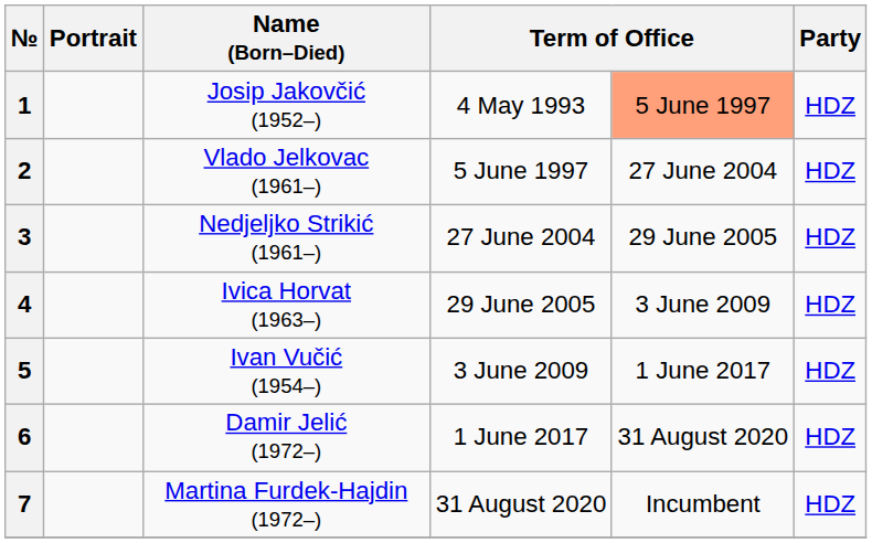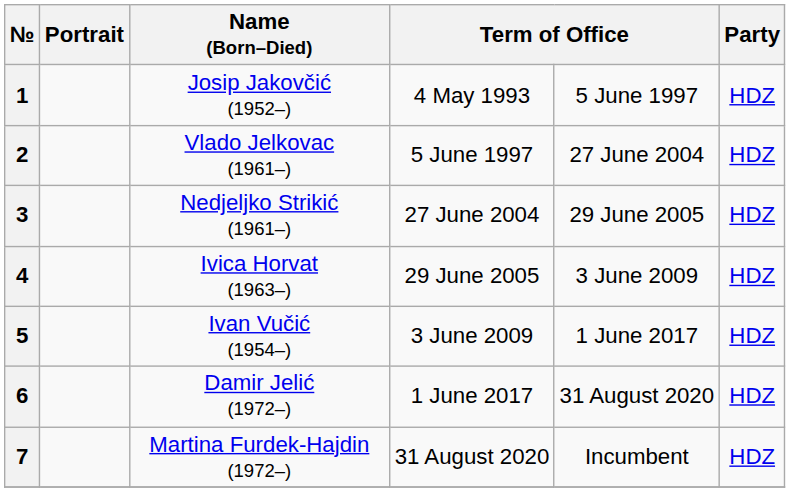 <table class="wikitable" style="text-align:center">
 <tr ->
 <th>№</th>
 <th>Portrait</th>
 <th width=180>Name<br><small>(Born–Died)</small></th>
 <th colspan=2>Term of Office</th>
 <th>Party</th>
 </tr>
 <tr ->
 <th style="background:">1</th>
 <td></td>
 <td><a href='#'>Josip Jakovčić</a><br><small>(1952–)</small></td>
 <td>4 May 1993</td>
-<td style="background: lightsalmon;">5 June 1997</td>
+<td>5 June 1997</td>
 <td><a href='#'>HDZ</a></td>
 </tr>
 <tr ->
 <th style="background:">2</th>
 <td></td>
 <td><a href='#'>Vlado Jelkovac</a><br><small>(1961–)</small></td>
 <td>5 June 1997</td>
 <td>27 June 2004</td>
 <td><a href='#'>HDZ</a></td>
 </tr>
 <tr ->
 <th style="background:">3</th>
 <td></td>
 <td><a href='#'>Nedjeljko Strikić</a><br><small>(1961–)</small></td>
 <td>27 June 2004</td>
 <td>29 June 2005</td>
 <td><a href='#'>HDZ</a></td>
 </tr>
 <tr ->
 <th style="background:">4</th>
 <td></td>
 <td><a href='#'>Ivica Horvat</a><br><small>(1963–)</small></td>
 <td>29 June 2005</td>
 <td>3 June 2009</td>
 <td><a href='#'>HDZ</a></td>
 </tr>
 <tr ->
 <th style="background:">5</th>
 <td></td>
 <td><a href='#'>Ivan Vučić</a><br><small>(1954–)</small></td>
 <td>3 June 2009</td>
 <td>1 June 2017</td>
 <td><a href='#'>HDZ</a></td>
 </tr>
 <tr ->
 <th style="background:">6</th>
 <td></td>
 <td><a href='#'>Damir Jelić</a><br><small>(1972–)</small></td>
 <td>1 June 2017</td>
 <td>31 August 2020</td>
 <td><a href='#'>HDZ</a></td>
 </tr>
 <tr ->
 <th style="background:">7</th>
 <td></td>
 <td><a href='#'>Martina Furdek-Hajdin</a><br><small>(1972–)</small></td>
 <td>31 August 2020</td>
 <td>Incumbent</td>
 <td><a href='#'>HDZ</a></td>
 </tr>
 <tr ->
 </tr>
 </table>
